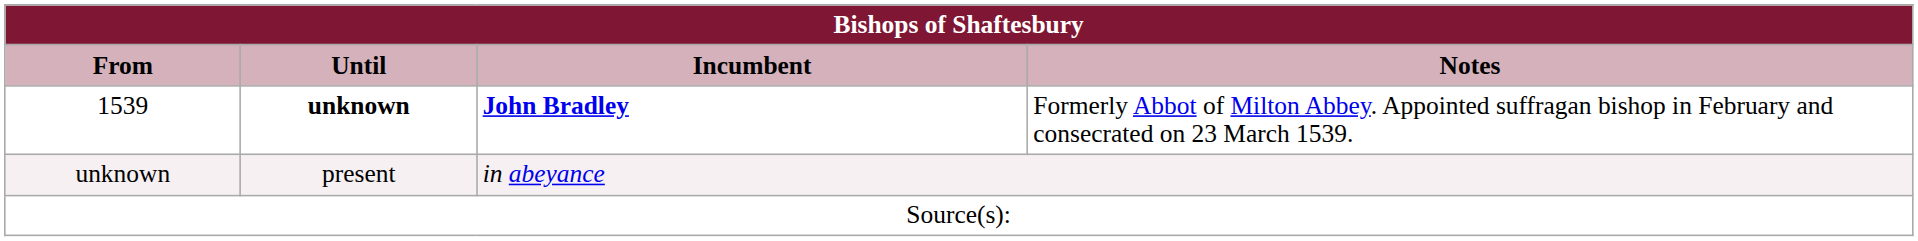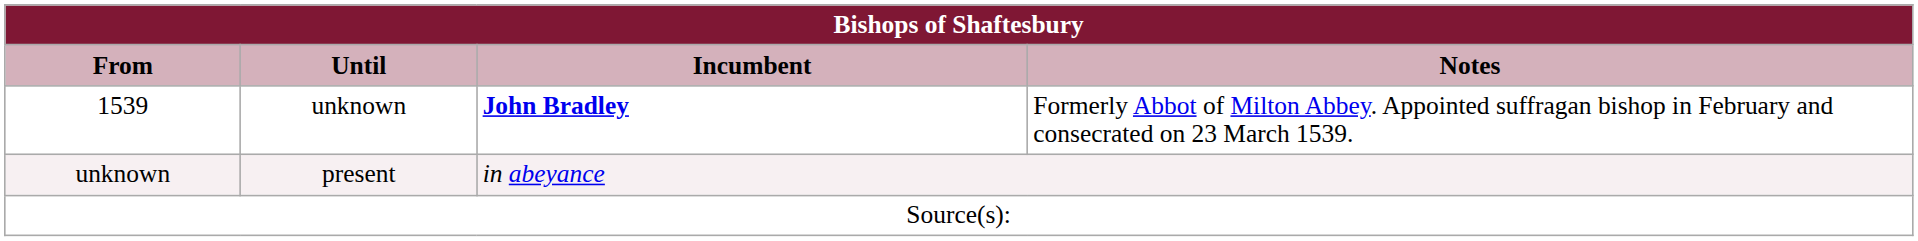 <table class="wikitable" style="width:95%;" border="1" cellpadding="2">
 <tr>
 <th colspan="4" style="background-color: #7F1734; color: white;">Bishops of Shaftesbury</th>
 </tr>
 <tr valign=top>
 <th style="background-color:#D4B1BB" width="12%">From</th>
 <th style="background-color:#D4B1BB" width="12%">Until</th>
 <th style="background-color:#D4B1BB" width="28%">Incumbent</th>
 <th style="background-color:#D4B1BB" width="45%">Notes</th>
 </tr>
 <tr valign=top bgcolor="white">
 <td align="center">1539</td>
-<td align="center"><strong>unknown</strong></td>
+<td align="center">unknown</td>
 <td><strong><a href='#'>John Bradley</a></strong></td>
 <td>Formerly <a href='#'>Abbot</a> of <a href='#'>Milton Abbey</a>. Appointed suffragan bishop in February and consecrated on 23 March 1539.</td>
 </tr>
 <tr valign=top bgcolor="#F7F0F2">
 <td align="center">unknown</td>
 <td align="center">present</td>
 <td colspan="2"><em>in <a href='#'>abeyance</a></em></td>
 </tr>
 <tr valign=top bgcolor="white">
 <td align="center" colspan="4">Source(s):</td>
 </tr>
 </table>
